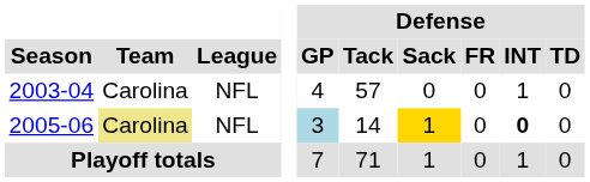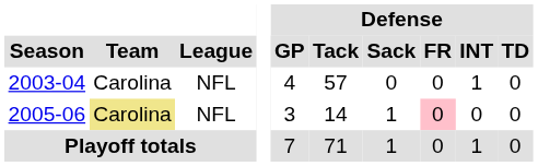 <table BORDER="0" CELLPADDING="3" CELLSPACING="0" ID="Table3">
 <tr style="text-align:center; background:#e0e0e0;">
 <th colspan="3" style="text-align:center; background:#fff;"> </th>
 <th rowspan="99" style="text-align:center; background:#fff;"> </th>
 <th style="text-align:center;" colspan="6">Defense</th>
 </tr>
 <tr style="text-align:center; background:#e0e0e0;">
 <th style="text-align:center;">Season</th>
 <th style="text-align:center;">Team</th>
 <th style="text-align:center;">League</th>
 <th style="text-align:center;">GP</th>
 <th style="text-align:center;">Tack</th>
 <th style="text-align:center;">Sack</th>
 <th style="text-align:center;">FR</th>
 <th style="text-align:center;">INT</th>
 <th style="text-align:center;">TD</th>
 </tr>
 <tr style="text-align:center;">
 <td><a href='#'>2003-04</a></td>
 <td>Carolina</td>
 <td>NFL</td>
 <td>4</td>
 <td>57</td>
 <td>0</td>
 <td>0</td>
 <td>1</td>
 <td>0</td>
 </tr>
 <tr style="text-align:center;">
 <td><a href='#'>2005-06</a></td>
 <td style="background: khaki;">Carolina</td>
 <td>NFL</td>
-<td style="background: lightblue;">3</td>
+<td>3</td>
 <td>14</td>
-<td style="background: gold;">1</td>
+<td>1</td>
+<td style="background: pink;">0</td>
 <td>0</td>
-<td><strong>0</strong></td>
 <td>0</td>
 </tr>
 <tr style="text-align:center; background:#e0e0e0;">
 <th colspan="3">Playoff totals</th>
 <td style="text-align:center;">7</td>
 <td style="text-align:center;">71</td>
 <td style="text-align:center;">1</td>
 <td style="text-align:center;">0</td>
 <td style="text-align:center;">1</td>
 <td style="text-align:center;">0</td>
 </tr>
 </table>
